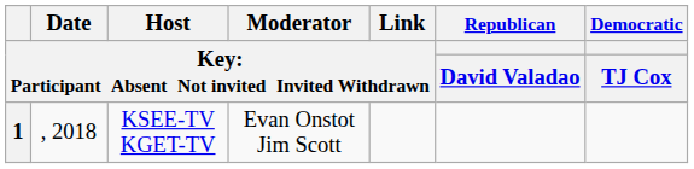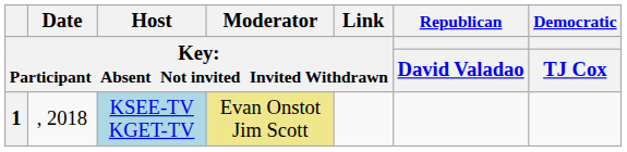 <table class="wikitable" style="text-align:center;">
 <tr>
 <th scope="col"></th>
 <th scope="col">Date</th>
 <th scope="col">Host</th>
 <th scope="col">Moderator</th>
 <th scope="col">Link</th>
 <th scope="col"><small><a href='#'>Republican</a></small></th>
 <th scope="col"><small><a href='#'>Democratic</a></small></th>
 </tr>
 <tr>
 <th colspan="5" rowspan="2">Key:<br> <small>Participant </small>  <small>Absent </small>  <small>Not invited </small>  <small>Invited  Withdrawn</small></th>
 <th scope="col" style="background:"></th>
 <th scope="col" style="background:"></th>
 </tr>
 <tr>
 <th scope="col"><a href='#'>David Valadao</a></th>
 <th scope="col"><a href='#'>TJ Cox</a></th>
 </tr>
 <tr>
 <th>1</th>
 <td style="white-space:nowrap;">, 2018</td>
-<td style="white-space:nowrap;"><a href='#'>KSEE-TV</a><br><a href='#'>KGET-TV</a></td>
-<td style="white-space:nowrap;">Evan Onstot<br>Jim Scott</td>
+<td style="background: lightblue; white-space:nowrap;"><a href='#'>KSEE-TV</a><br><a href='#'>KGET-TV</a></td>
+<td style="background: khaki; white-space:nowrap;">Evan Onstot<br>Jim Scott</td>
 <td style="white-space:nowrap;"></td>
 <td></td>
 <td></td>
 </tr>
 </table>
